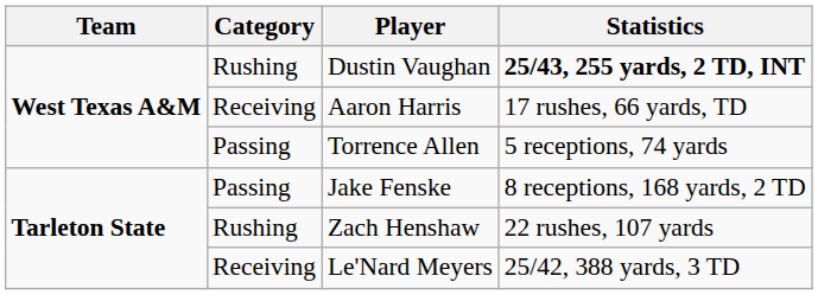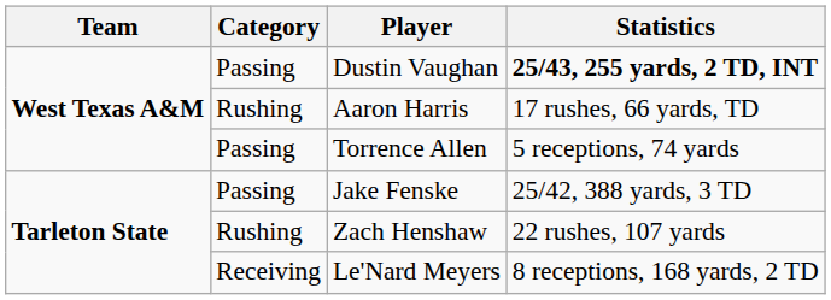 <table class="wikitable" style="float: left;">
 <tr>
 <th>Team</th>
 <th>Category</th>
 <th>Player</th>
 <th>Statistics</th>
 </tr>
 <tr>
 <td rowspan=3><strong>West Texas A&M</strong></td>
-<td>Rushing</td>
+<td>Passing</td>
 <td>Dustin Vaughan</td>
 <td><strong>25/43, 255 yards, 2 TD, INT</strong></td>
 </tr>
 <tr>
-<td>Receiving</td>
+<td>Rushing</td>
 <td>Aaron Harris</td>
 <td>17 rushes, 66 yards, TD</td>
 </tr>
 <tr>
 <td>Passing</td>
 <td>Torrence Allen</td>
 <td>5 receptions, 74 yards</td>
 </tr>
 <tr>
 <td rowspan=3><strong>Tarleton State</strong></td>
 <td>Passing</td>
 <td>Jake Fenske</td>
-<td>8 receptions, 168 yards, 2 TD</td>
+<td>25/42, 388 yards, 3 TD</td>
 </tr>
 <tr>
 <td>Rushing</td>
 <td>Zach Henshaw</td>
 <td>22 rushes, 107 yards</td>
 </tr>
 <tr>
 <td>Receiving</td>
 <td>Le'Nard Meyers</td>
-<td>25/42, 388 yards, 3 TD</td>
+<td>8 receptions, 168 yards, 2 TD</td>
 </tr>
 </table>
